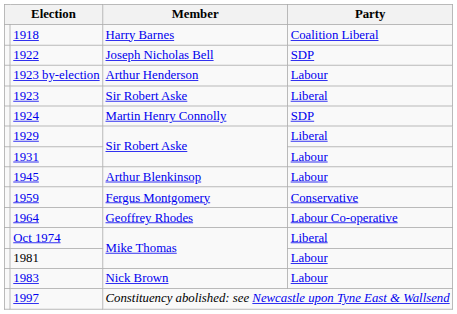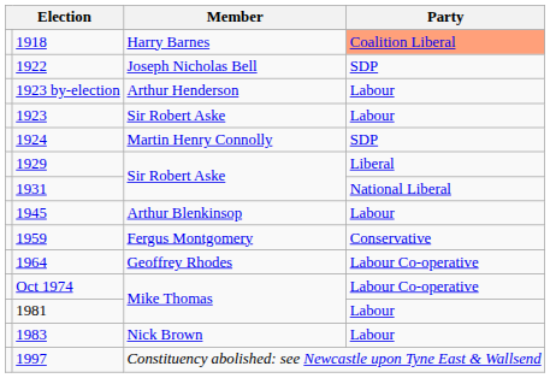 <table class="wikitable">
 <tr>
 <th colspan="2">Election</th>
 <th>Member</th>
 <th>Party</th>
 </tr>
 <tr>
 <td style="color:inherit;background-color: "></td>
 <td><a href='#'>1918</a></td>
 <td><a href='#'>Harry Barnes</a></td>
-<td><a href='#'>Coalition Liberal</a></td>
+<td style="background: lightsalmon;"><a href='#'>Coalition Liberal</a></td>
 </tr>
 <tr>
 <td style="color:inherit;background-color: "></td>
 <td><a href='#'>1922</a></td>
 <td><a href='#'>Joseph Nicholas Bell</a></td>
 <td><a href='#'>SDP</a></td>
 </tr>
 <tr>
 <td style="color:inherit;background-color: "></td>
 <td><a href='#'>1923 by-election</a></td>
 <td><a href='#'>Arthur Henderson</a></td>
 <td><a href='#'>Labour</a></td>
 </tr>
 <tr>
 <td style="color:inherit;background-color: "></td>
 <td><a href='#'>1923</a></td>
 <td><a href='#'>Sir Robert Aske</a></td>
-<td><a href='#'>Liberal</a></td>
+<td><a href='#'>Labour</a></td>
 </tr>
 <tr>
 <td style="color:inherit;background-color: "></td>
 <td><a href='#'>1924</a></td>
 <td><a href='#'>Martin Henry Connolly</a></td>
 <td><a href='#'>SDP</a></td>
 </tr>
 <tr>
 <td style="color:inherit;background-color: "></td>
 <td><a href='#'>1929</a></td>
 <td rowspan="2"><a href='#'>Sir Robert Aske</a></td>
 <td><a href='#'>Liberal</a></td>
 </tr>
 <tr>
 <td style="color:inherit;background-color: "></td>
 <td><a href='#'>1931</a></td>
-<td><a href='#'>Labour</a></td>
+<td><a href='#'>National Liberal</a></td>
 </tr>
 <tr>
 <td style="color:inherit;background-color: "></td>
 <td><a href='#'>1945</a></td>
 <td><a href='#'>Arthur Blenkinsop</a></td>
 <td><a href='#'>Labour</a></td>
 </tr>
 <tr>
 <td style="color:inherit;background-color: "></td>
 <td><a href='#'>1959</a></td>
 <td><a href='#'>Fergus Montgomery</a></td>
 <td><a href='#'>Conservative</a></td>
 </tr>
 <tr>
 <td style="color:inherit;background-color: "></td>
 <td><a href='#'>1964</a></td>
 <td><a href='#'>Geoffrey Rhodes</a></td>
 <td><a href='#'>Labour Co-operative</a></td>
 </tr>
 <tr>
 <td style="color:inherit;background-color: "></td>
 <td><a href='#'>Oct 1974</a></td>
 <td rowspan="2"><a href='#'>Mike Thomas</a></td>
-<td><a href='#'>Liberal</a></td>
+<td><a href='#'>Labour Co-operative</a></td>
 </tr>
 <tr>
 <td style="color:inherit;background-color: "></td>
 <td>1981</td>
 <td><a href='#'>Labour</a></td>
 </tr>
 <tr>
 <td style="color:inherit;background-color: "></td>
 <td><a href='#'>1983</a></td>
 <td><a href='#'>Nick Brown</a></td>
 <td><a href='#'>Labour</a></td>
 </tr>
 <tr>
 <td></td>
 <td><a href='#'>1997</a></td>
 <td colspan="2"><em>Constituency abolished: see <a href='#'>Newcastle upon Tyne East & Wallsend</a></em></td>
 </tr>
 </table>
